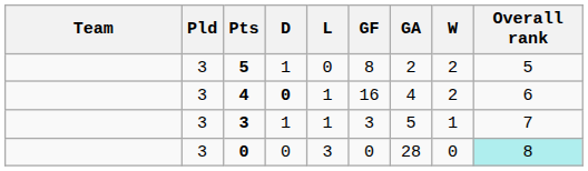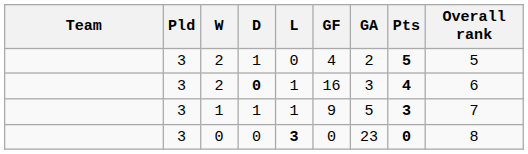 <table class="wikitable" style="text-align:center; font-size:90%">
 <tr>
 <th style="width:10em">Team</th>
 <th style="width:2em">Pld</th>
-<th style="width:2em">Pts</th>
+<th style="width:2em">W</th>
 <th style="width:2em">D</th>
 <th style="width:2em">L</th>
 <th style="width:2em">GF</th>
 <th style="width:2em">GA</th>
-<th style="width:2em">W</th>
+<th style="width:2em">Pts</th>
 <th style="width:6em">Overall rank</th>
 </tr>
 <tr>
 <td align=left></td>
 <td>3</td>
-<td><strong>5</strong></td>
+<td>2</td>
 <td>1</td>
 <td>0</td>
-<td>8</td>
+<td>4</td>
 <td>2</td>
-<td>2</td>
+<td><strong>5</strong></td>
 <td>5</td>
 </tr>
 <tr>
 <td align=left></td>
 <td>3</td>
-<td><strong>4</strong></td>
+<td>2</td>
 <td><strong>0</strong></td>
 <td>1</td>
 <td>16</td>
-<td>4</td>
-<td>2</td>
+<td>3</td>
+<td><strong>4</strong></td>
 <td>6</td>
 </tr>
 <tr>
 <td align=left></td>
 <td>3</td>
-<td><strong>3</strong></td>
 <td>1</td>
 <td>1</td>
-<td>3</td>
+<td>1</td>
+<td>9</td>
 <td>5</td>
-<td>1</td>
+<td><strong>3</strong></td>
 <td>7</td>
 </tr>
 <tr>
 <td align=left></td>
 <td>3</td>
+<td>0</td>
+<td>0</td>
+<td><strong>3</strong></td>
+<td>0</td>
+<td>23</td>
 <td><strong>0</strong></td>
-<td>0</td>
-<td>3</td>
-<td>0</td>
-<td>28</td>
-<td>0</td>
-<td style="background: paleturquoise;">8</td>
+<td>8</td>
 </tr>
 </table>
